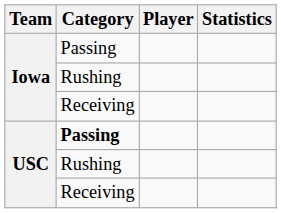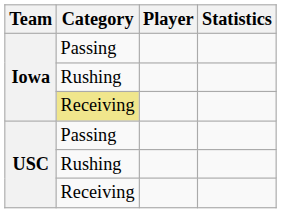 <table class="wikitable" style="float:right">
 <tr>
 <th>Team</th>
 <th>Category</th>
 <th>Player</th>
 <th>Statistics</th>
 </tr>
 <tr>
 <th rowspan=3>Iowa</th>
 <td>Passing</td>
 <td></td>
 <td></td>
 </tr>
 <tr>
 <td>Rushing</td>
 <td></td>
 <td></td>
 </tr>
 <tr>
-<td>Receiving</td>
+<td style="background: khaki;">Receiving</td>
 <td></td>
 <td></td>
 </tr>
 <tr>
 <th rowspan=3>USC</th>
-<td><strong>Passing</strong></td>
+<td>Passing</td>
 <td></td>
 <td></td>
 </tr>
 <tr>
 <td>Rushing</td>
 <td></td>
 <td></td>
 </tr>
 <tr>
 <td>Receiving</td>
 <td></td>
 <td></td>
 </tr>
 </table>
